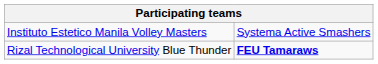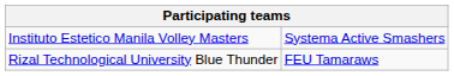 <table class="wikitable" style="text-align:center;">
 <tr>
 <th colspan="3">Participating teams</th>
 </tr>
 <tr align=left>
 <td> <a href='#'>Instituto Estetico Manila Volley Masters</a></td>
 <td> <a href='#'>Systema Active Smashers</a></td>
 </tr>
 <tr align=left>
 <td> <a href='#'>Rizal Technological University</a> Blue Thunder</td>
-<td><strong> <a href='#'>FEU Tamaraws</a></strong></td>
+<td> <a href='#'>FEU Tamaraws</a></td>
 </tr>
 </table>
